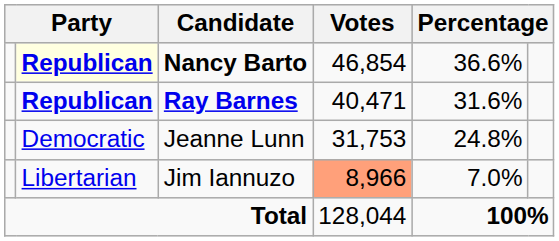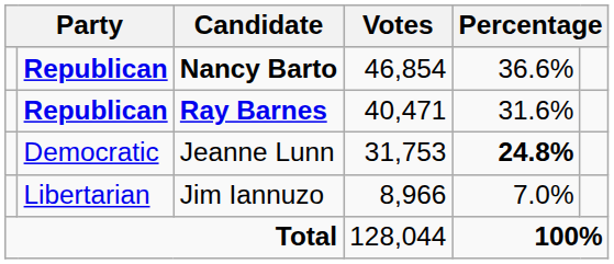 <table class="wikitable" style="text-align:right;">
 <tr style="background-color:#E9E9E9;text-align:center;">
 <th colspan=2>Party</th>
 <th>Candidate</th>
 <th>Votes</th>
 <th colspan=2>Percentage</th>
 </tr>
 <tr>
 <td style="background-color:"></td>
-<td style="background: lightyellow; text-align:left;"><strong><a href='#'>Republican</a></strong></td>
+<td style="text-align:left;"><strong><a href='#'>Republican</a></strong></td>
 <td style="text-align:left;"><strong>Nancy Barto</strong></td>
 <td style="text-align:right;">46,854</td>
 <td style="text-align:right;">36.6%</td>
 <td style="text-align:right;"><div><div> </div></div></td>
 </tr>
 <tr>
 <td style="background-color:"></td>
 <td style="text-align:left;"><strong><a href='#'>Republican</a></strong></td>
 <td style="text-align:left;"><strong><a href='#'>Ray Barnes</a></strong></td>
 <td style="text-align:right;">40,471</td>
 <td style="text-align:right;">31.6%</td>
 <td style="text-align:right;"><div><div> </div></div></td>
 </tr>
 <tr>
 <td style="background-color:"></td>
 <td style="text-align:left;"><a href='#'>Democratic</a></td>
 <td style="text-align:left;">Jeanne Lunn</td>
 <td style="text-align:right;">31,753</td>
-<td style="text-align:right;">24.8%</td>
+<td style="text-align:right;"><strong>24.8%</strong></td>
 <td style="text-align:right;"><div><div> </div></div></td>
 </tr>
 <tr>
 <td style="background-color:"></td>
 <td style="text-align:left;"><a href='#'>Libertarian</a></td>
 <td style="text-align:left;">Jim Iannuzo</td>
-<td style="background: lightsalmon; text-align:right;">8,966</td>
+<td style="text-align:right;">8,966</td>
 <td style="text-align:right;">7.0%</td>
 <td style="text-align:right;"><div><div> </div></div></td>
 </tr>
 <tr>
 <td colspan="3" style="text-align:right;"><strong>Total</strong></td>
 <td style="text-align:right;">128,044</td>
 <td style="text-align:right;" colspan=2><strong>100%</strong></td>
 </tr>
 </table>
